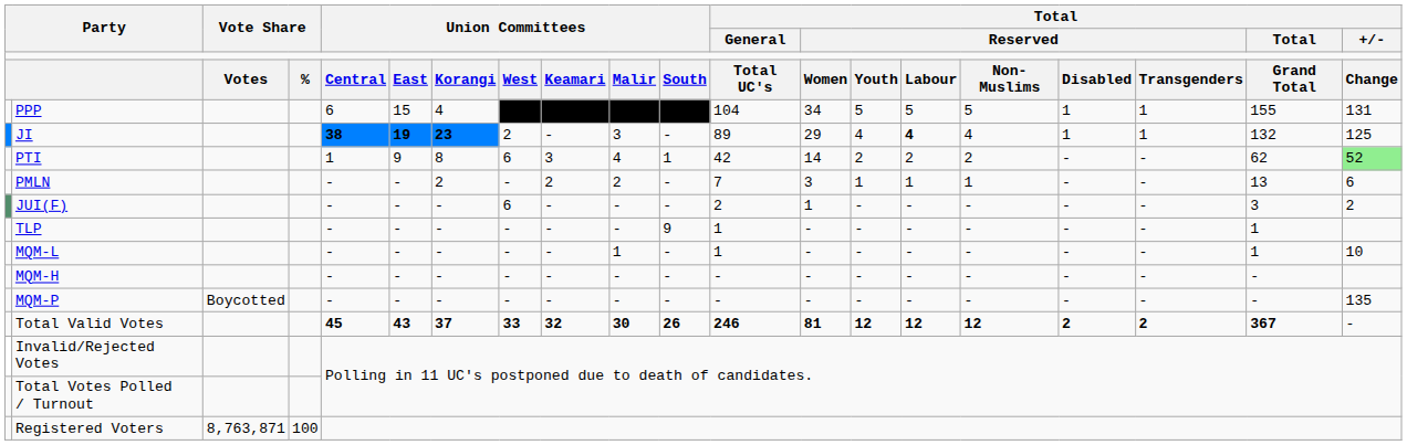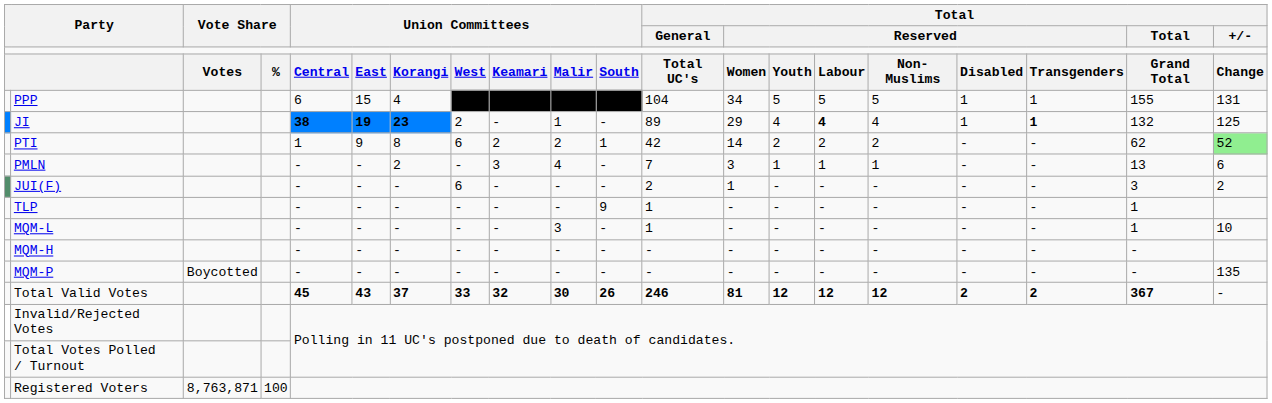 <table class="wikitable sortable">
 <tr>
 <th colspan="2" rowspan="2">Party</th>
 <th colspan="2" rowspan="2">Vote Share</th>
 <th colspan="7" rowspan="2">Union Committees</th>
 <th colspan="9">Total</th>
 </tr>
 <tr>
 <th>General</th>
 <th colspan="6">Reserved</th>
 <th>Total</th>
 <th>+/-</th>
 </tr>
 <tr>
 <td colspan="20"></td>
 </tr>
 <tr>
 <th colspan="2"></th>
 <th>Votes</th>
 <th>%</th>
 <th><a href='#'>Central</a></th>
 <th><a href='#'>East</a></th>
 <th><a href='#'>Korangi</a></th>
 <th><a href='#'>West</a></th>
 <th><a href='#'>Keamari</a></th>
 <th><a href='#'>Malir</a></th>
 <th><a href='#'>South</a></th>
 <th>Total UC's</th>
 <th>Women</th>
 <th>Youth</th>
 <th>Labour</th>
 <th>Non-Muslims</th>
 <th>Disabled</th>
 <th>Transgenders</th>
 <th>Grand Total</th>
 <th>Change</th>
 </tr>
 <tr>
 <td></td>
 <td><a href='#'>PPP</a></td>
 <td></td>
 <td></td>
 <td>6</td>
 <td>15</td>
 <td>4</td>
 <td bgcolor=#000000><span><strong>16</strong></span></td>
 <td bgcolor="#000000"><span><strong>27</strong></span></td>
 <td bgcolor="#000000"><span><strong>20</strong></span></td>
 <td bgcolor=#000000><span><strong>16</strong></span></td>
 <td>104</td>
 <td>34</td>
 <td>5</td>
 <td>5</td>
 <td>5</td>
 <td>1</td>
 <td>1</td>
 <td>155</td>
 <td> 131</td>
 </tr>
 <tr>
 <td bgcolor="#0080ff"></td>
 <td><a href='#'>JI</a></td>
 <td></td>
 <td></td>
 <td bgcolor="#0080ff"><span><strong>38</strong></span></td>
 <td bgcolor="#0080ff"><span><strong>19</strong></span></td>
 <td bgcolor="#0080ff"><span><strong>23</strong></span></td>
 <td>2</td>
 <td>-</td>
-<td>3</td>
+<td>1</td>
 <td>-</td>
 <td>89</td>
 <td>29</td>
 <td>4</td>
 <td><strong>4</strong></td>
 <td>4</td>
 <td>1</td>
-<td>1</td>
+<td><strong>1</strong></td>
 <td>132</td>
 <td> 125</td>
 </tr>
 <tr>
 <td></td>
 <td><a href='#'>PTI</a></td>
 <td></td>
 <td></td>
 <td>1</td>
 <td>9</td>
 <td>8</td>
 <td>6</td>
-<td>3</td>
-<td>4</td>
+<td>2</td>
+<td>2</td>
 <td>1</td>
 <td>42</td>
 <td>14</td>
 <td>2</td>
 <td>2</td>
 <td>2</td>
 <td>-</td>
 <td>-</td>
 <td>62</td>
 <td style="background: lightgreen;"> 52</td>
 </tr>
 <tr>
 <td></td>
 <td><a href='#'>PMLN</a></td>
 <td></td>
 <td></td>
 <td>-</td>
 <td>-</td>
 <td>2</td>
 <td>-</td>
-<td>2</td>
-<td>2</td>
+<td>3</td>
+<td>4</td>
 <td>-</td>
 <td>7</td>
 <td>3</td>
 <td>1</td>
 <td>1</td>
 <td>1</td>
 <td>-</td>
 <td>-</td>
 <td>13</td>
 <td> 6</td>
 </tr>
 <tr>
 <td bgcolor="#528d6b"></td>
 <td><a href='#'>JUI(F)</a></td>
 <td></td>
 <td></td>
 <td>-</td>
 <td>-</td>
 <td>-</td>
 <td>6</td>
 <td>-</td>
 <td>-</td>
 <td>-</td>
 <td>2</td>
 <td>1</td>
 <td>-</td>
 <td>-</td>
 <td>-</td>
 <td>-</td>
 <td>-</td>
 <td>3</td>
 <td> 2</td>
 </tr>
 <tr>
 <td></td>
 <td><a href='#'>TLP</a></td>
 <td></td>
 <td></td>
 <td>-</td>
 <td>-</td>
 <td>-</td>
 <td>-</td>
 <td>-</td>
 <td>-</td>
 <td>9</td>
 <td>1</td>
 <td>-</td>
 <td>-</td>
 <td>-</td>
 <td>-</td>
 <td>-</td>
 <td>-</td>
 <td>1</td>
 <td></td>
 </tr>
 <tr>
 <td></td>
 <td><a href='#'>MQM-L</a></td>
 <td></td>
 <td></td>
 <td>-</td>
 <td>-</td>
 <td>-</td>
 <td>-</td>
 <td>-</td>
-<td>1</td>
+<td>3</td>
 <td>-</td>
 <td>1</td>
 <td>-</td>
 <td>-</td>
 <td>-</td>
 <td>-</td>
 <td>-</td>
 <td>-</td>
 <td>1</td>
 <td> 10</td>
 </tr>
 <tr>
 <td></td>
 <td><a href='#'>MQM-H</a></td>
 <td></td>
 <td></td>
 <td>-</td>
 <td>-</td>
 <td>-</td>
 <td>-</td>
 <td>-</td>
 <td>-</td>
 <td>-</td>
 <td>-</td>
 <td>-</td>
 <td>-</td>
 <td>-</td>
 <td>-</td>
 <td>-</td>
 <td>-</td>
 <td>-</td>
 <td></td>
 </tr>
 <tr>
 <td></td>
 <td><a href='#'>MQM-P</a></td>
 <td>Boycotted</td>
 <td></td>
 <td>-</td>
 <td>-</td>
 <td>-</td>
 <td>-</td>
 <td>-</td>
 <td>-</td>
 <td>-</td>
 <td>-</td>
 <td>-</td>
 <td>-</td>
 <td>-</td>
 <td>-</td>
 <td>-</td>
 <td>-</td>
 <td>-</td>
 <td> 135</td>
 </tr>
 <tr>
 <td></td>
 <td>Total Valid Votes</td>
 <td></td>
 <td></td>
 <td><strong>45</strong></td>
 <td><strong>43</strong></td>
 <td><strong>37</strong></td>
 <td><strong>33</strong></td>
 <td><strong>32</strong></td>
 <td><strong>30</strong></td>
 <td><strong>26</strong></td>
 <td><strong>246</strong></td>
 <td><strong>81</strong></td>
 <td><strong>12</strong></td>
 <td><strong>12</strong></td>
 <td><strong>12</strong></td>
 <td><strong>2</strong></td>
 <td><strong>2</strong></td>
 <td><strong>367</strong></td>
 <td>-</td>
 </tr>
 <tr>
 <td bgcolor="white"></td>
 <td>Invalid/Rejected Votes</td>
 <td></td>
 <td></td>
 <td colspan="16" rowspan="2">Polling in 11 UC's postponed due to death of candidates.</td>
 </tr>
 <tr>
 <td></td>
 <td>Total Votes Polled<br>/ Turnout</td>
 <td></td>
 <td></td>
 </tr>
 <tr>
 <td></td>
 <td>Registered Voters</td>
 <td>8,763,871</td>
 <td>100</td>
 <td colspan="16"></td>
 </tr>
 </table>
